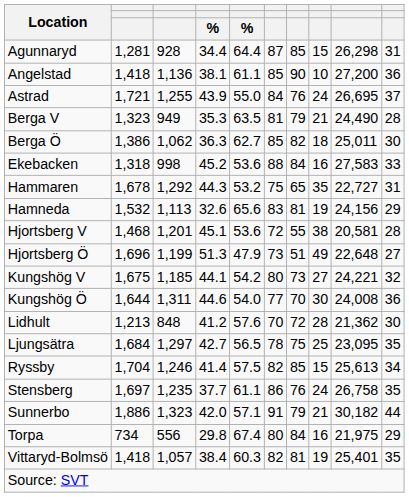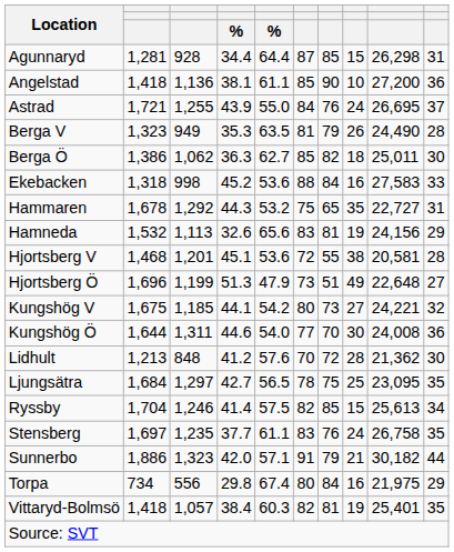 <table role="presentation" class="wikitable sortable mw-collapsible">
 <tr>
 <th rowspan="3">Location</th>
 <th></th>
 <th></th>
 <th></th>
 <th></th>
 <th></th>
 <th></th>
 <th></th>
 <th></th>
 <th></th>
 </tr>
 <tr>
 <th></th>
 <th></th>
 <th style="background:"></th>
 <th style="background:"></th>
 <th></th>
 <th></th>
 <th></th>
 <th></th>
 <th></th>
 </tr>
 <tr>
 <th data-sort-type="number"></th>
 <th data-sort-type="number"></th>
 <th data-sort-type="number">%</th>
 <th data-sort-type="number">%</th>
 <th data-sort-type="number"></th>
 <th data-sort-type="number"></th>
 <th data-sort-type="number"></th>
 <th data-sort-type="number"></th>
 <th data-sort-type="number"></th>
 </tr>
 <tr>
 <td align="left">Agunnaryd</td>
 <td>1,281</td>
 <td>928</td>
 <td>34.4</td>
 <td>64.4</td>
 <td>87</td>
 <td>85</td>
 <td>15</td>
 <td>26,298</td>
 <td>31</td>
 </tr>
 <tr>
 <td align="left">Angelstad</td>
 <td>1,418</td>
 <td>1,136</td>
 <td>38.1</td>
 <td>61.1</td>
 <td>85</td>
 <td>90</td>
 <td>10</td>
 <td>27,200</td>
 <td>36</td>
 </tr>
 <tr>
 <td align="left">Astrad</td>
 <td>1,721</td>
 <td>1,255</td>
 <td>43.9</td>
 <td>55.0</td>
 <td>84</td>
 <td>76</td>
 <td>24</td>
 <td>26,695</td>
 <td>37</td>
 </tr>
 <tr>
 <td align="left">Berga V</td>
 <td>1,323</td>
 <td>949</td>
 <td>35.3</td>
 <td>63.5</td>
 <td>81</td>
 <td>79</td>
-<td>21</td>
+<td>26</td>
 <td>24,490</td>
 <td>28</td>
 </tr>
 <tr>
 <td align="left">Berga Ö</td>
 <td>1,386</td>
 <td>1,062</td>
 <td>36.3</td>
 <td>62.7</td>
 <td>85</td>
 <td>82</td>
 <td>18</td>
 <td>25,011</td>
 <td>30</td>
 </tr>
 <tr>
 <td align="left">Ekebacken</td>
 <td>1,318</td>
 <td>998</td>
 <td>45.2</td>
 <td>53.6</td>
 <td>88</td>
 <td>84</td>
 <td>16</td>
 <td>27,583</td>
 <td>33</td>
 </tr>
 <tr>
 <td align="left">Hammaren</td>
 <td>1,678</td>
 <td>1,292</td>
 <td>44.3</td>
 <td>53.2</td>
 <td>75</td>
 <td>65</td>
 <td>35</td>
 <td>22,727</td>
 <td>31</td>
 </tr>
 <tr>
 <td align="left">Hamneda</td>
 <td>1,532</td>
 <td>1,113</td>
 <td>32.6</td>
 <td>65.6</td>
 <td>83</td>
 <td>81</td>
 <td>19</td>
 <td>24,156</td>
 <td>29</td>
 </tr>
 <tr>
 <td align="left">Hjortsberg V</td>
 <td>1,468</td>
 <td>1,201</td>
 <td>45.1</td>
 <td>53.6</td>
 <td>72</td>
 <td>55</td>
 <td>38</td>
 <td>20,581</td>
 <td>28</td>
 </tr>
 <tr>
 <td align="left">Hjortsberg Ö</td>
 <td>1,696</td>
 <td>1,199</td>
 <td>51.3</td>
 <td>47.9</td>
 <td>73</td>
 <td>51</td>
 <td>49</td>
 <td>22,648</td>
 <td>27</td>
 </tr>
 <tr>
 <td align="left">Kungshög V</td>
 <td>1,675</td>
 <td>1,185</td>
 <td>44.1</td>
 <td>54.2</td>
 <td>80</td>
 <td>73</td>
 <td>27</td>
 <td>24,221</td>
 <td>32</td>
 </tr>
 <tr>
 <td align="left">Kungshög Ö</td>
 <td>1,644</td>
 <td>1,311</td>
 <td>44.6</td>
 <td>54.0</td>
 <td>77</td>
 <td>70</td>
 <td>30</td>
 <td>24,008</td>
 <td>36</td>
 </tr>
 <tr>
 <td align="left">Lidhult</td>
 <td>1,213</td>
 <td>848</td>
 <td>41.2</td>
 <td>57.6</td>
 <td>70</td>
 <td>72</td>
 <td>28</td>
 <td>21,362</td>
 <td>30</td>
 </tr>
 <tr>
 <td align="left">Ljungsätra</td>
 <td>1,684</td>
 <td>1,297</td>
 <td>42.7</td>
 <td>56.5</td>
 <td>78</td>
 <td>75</td>
 <td>25</td>
 <td>23,095</td>
 <td>35</td>
 </tr>
 <tr>
 <td align="left">Ryssby</td>
 <td>1,704</td>
 <td>1,246</td>
 <td>41.4</td>
 <td>57.5</td>
 <td>82</td>
 <td>85</td>
 <td>15</td>
 <td>25,613</td>
 <td>34</td>
 </tr>
 <tr>
 <td align="left">Stensberg</td>
 <td>1,697</td>
 <td>1,235</td>
 <td>37.7</td>
 <td>61.1</td>
-<td>86</td>
+<td>83</td>
 <td>76</td>
 <td>24</td>
 <td>26,758</td>
 <td>35</td>
 </tr>
 <tr>
 <td align="left">Sunnerbo</td>
 <td>1,886</td>
 <td>1,323</td>
 <td>42.0</td>
 <td>57.1</td>
 <td>91</td>
 <td>79</td>
 <td>21</td>
 <td>30,182</td>
 <td>44</td>
 </tr>
 <tr>
 <td align="left">Torpa</td>
 <td>734</td>
 <td>556</td>
 <td>29.8</td>
 <td>67.4</td>
 <td>80</td>
 <td>84</td>
 <td>16</td>
 <td>21,975</td>
 <td>29</td>
 </tr>
 <tr>
 <td align="left">Vittaryd-Bolmsö</td>
 <td>1,418</td>
 <td>1,057</td>
 <td>38.4</td>
 <td>60.3</td>
 <td>82</td>
 <td>81</td>
 <td>19</td>
 <td>25,401</td>
 <td>35</td>
 </tr>
 <tr>
 <td colspan="10" align="left">Source: <a href='#'>SVT</a></td>
 </tr>
 </table>
